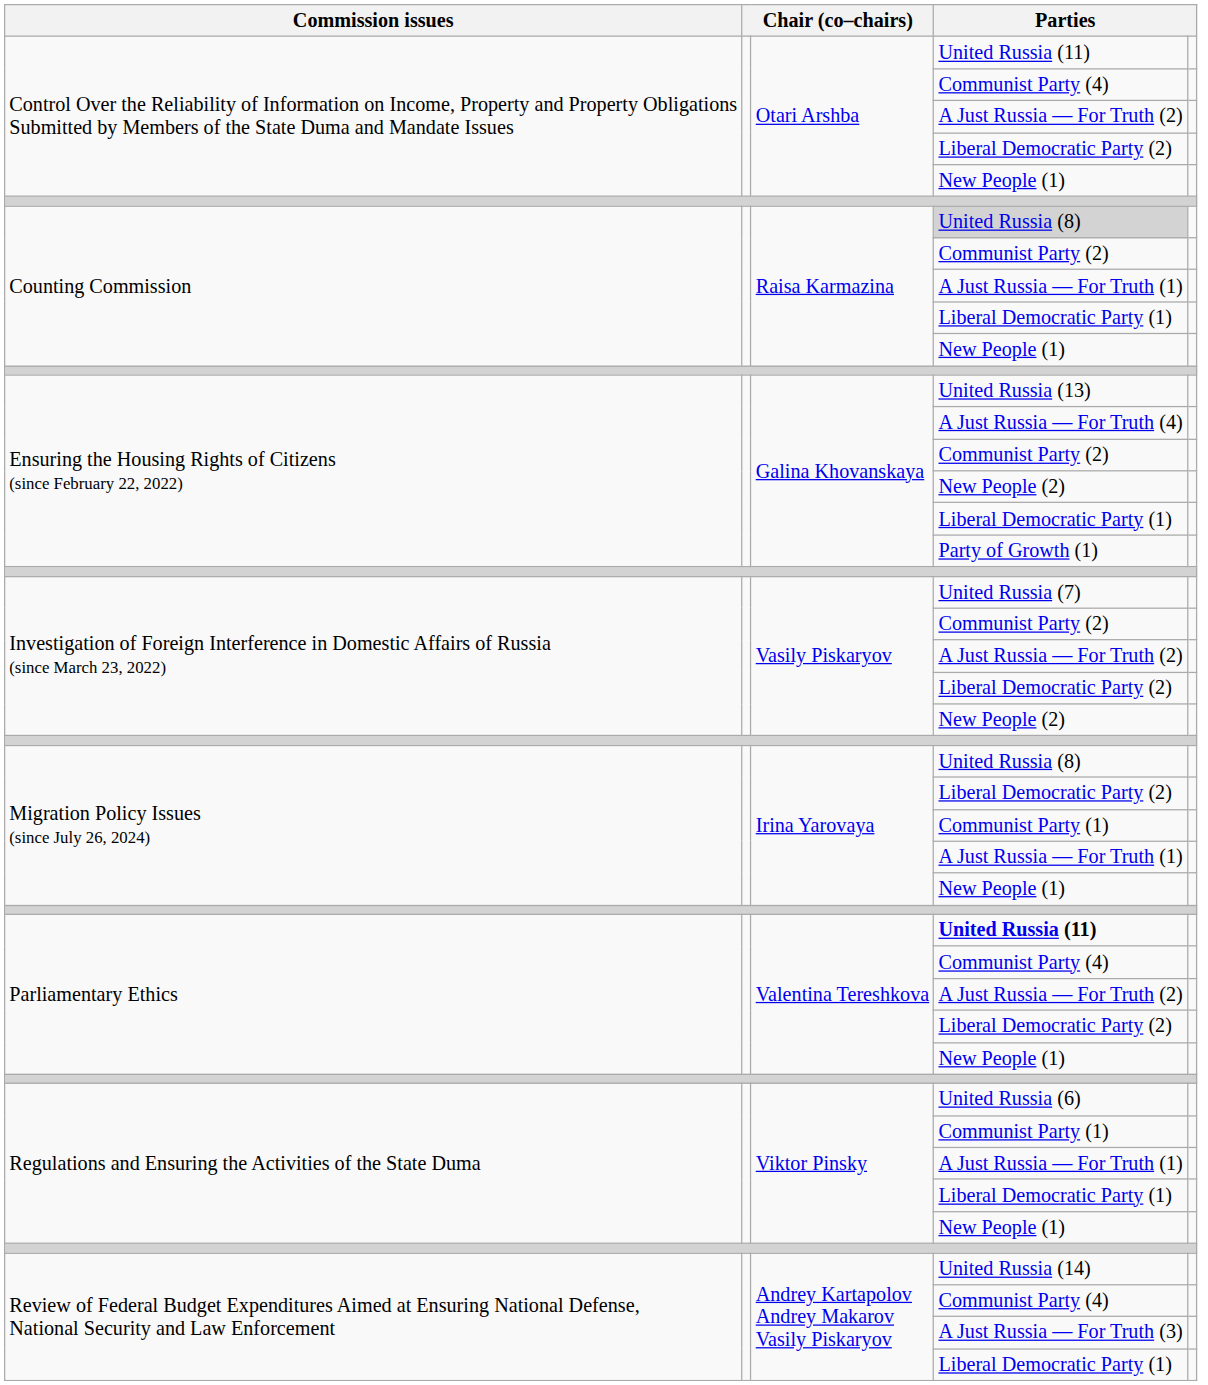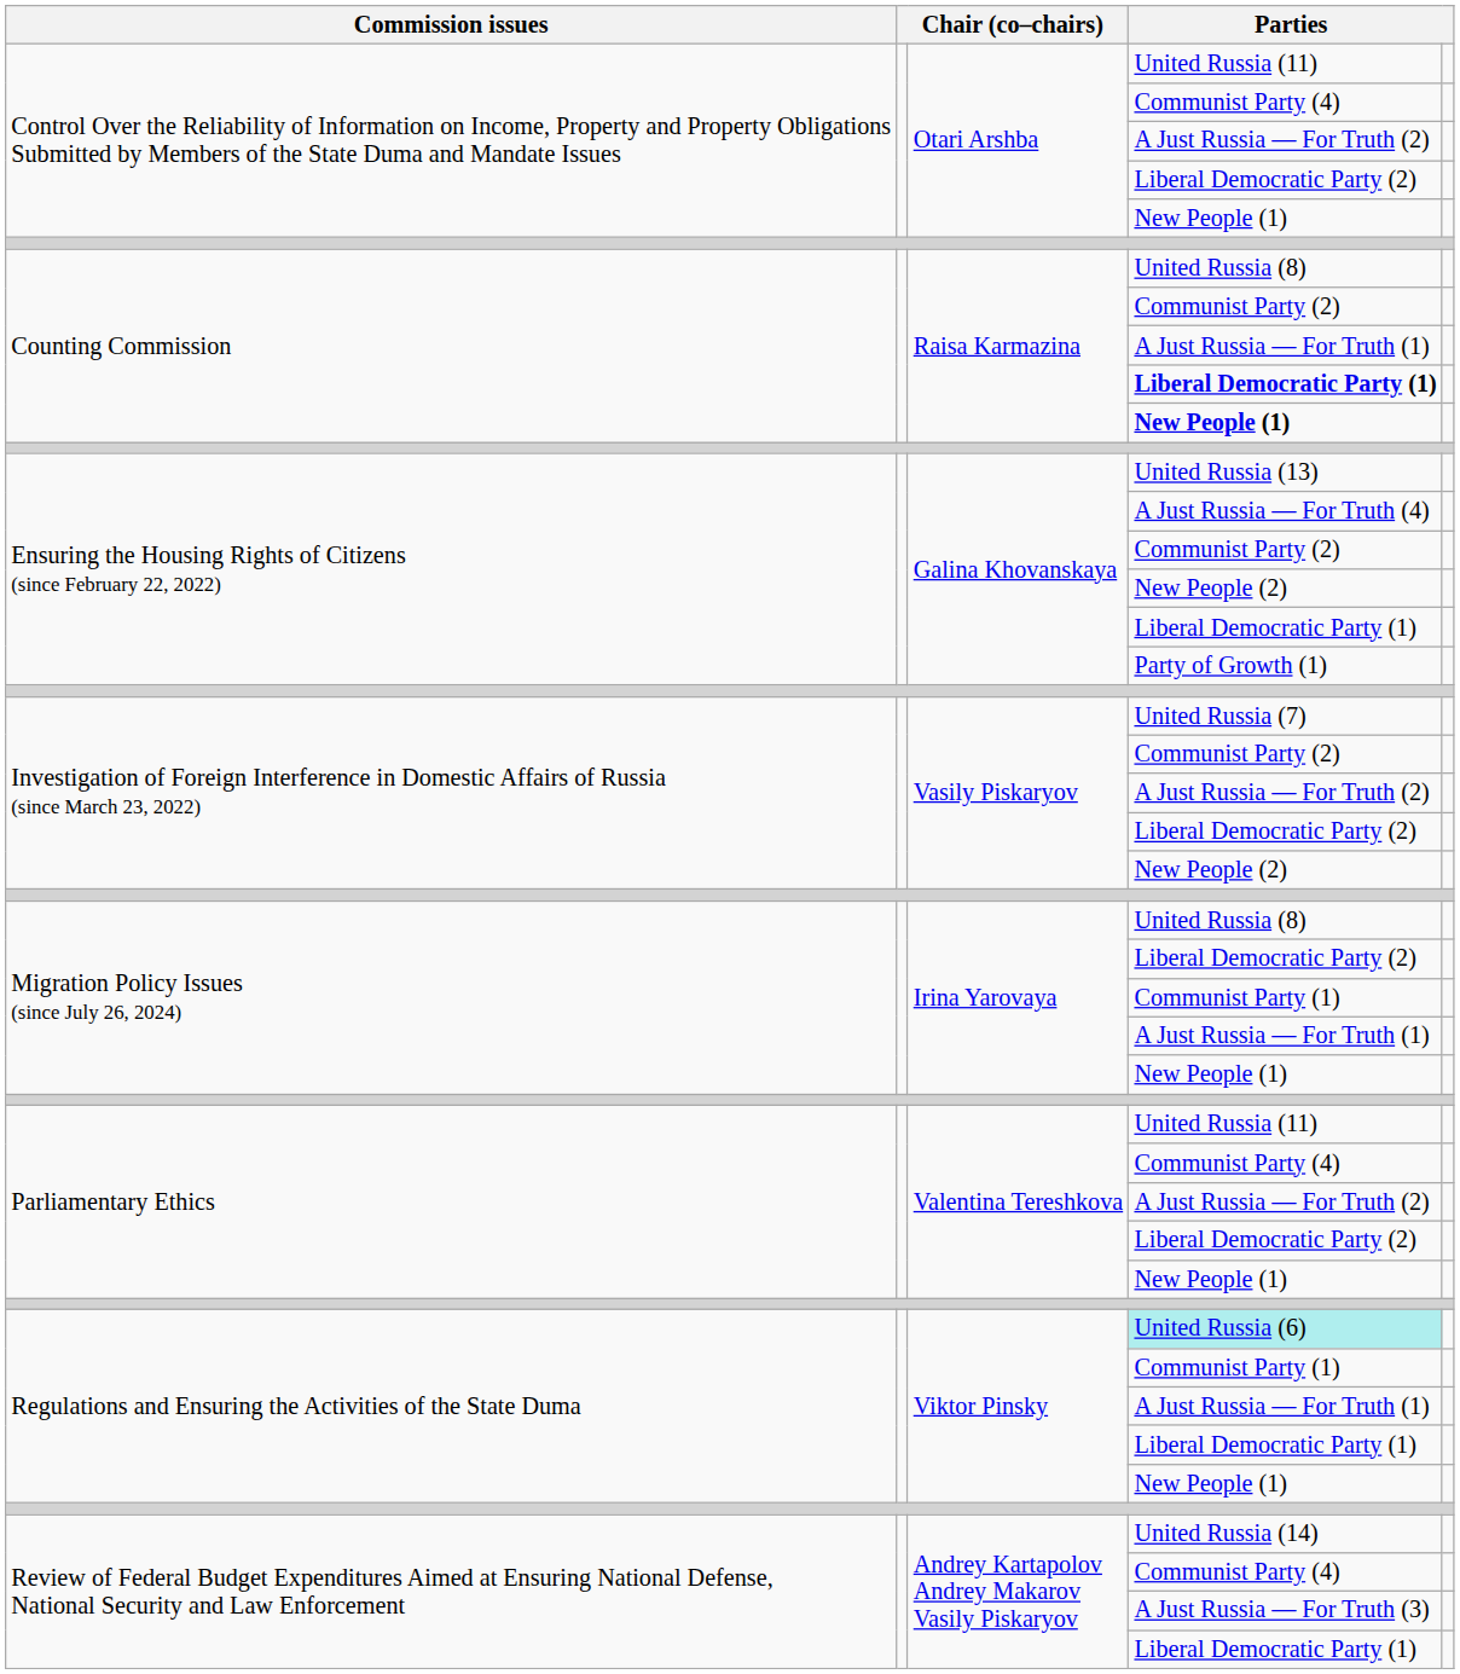 <table class="wikitable">
 <tr>
 <th>Commission issues</th>
 <th colspan=2>Chair (co–chairs)</th>
 <th colspan=2>Parties</th>
 </tr>
 <tr>
 <td rowspan=5>Control Over the Reliability of Information on Income, Property and Property Obligations<br>Submitted by Members of the State Duma and Mandate Issues</td>
 <td rowspan=5 style="background-color:"></td>
 <td rowspan=5><a href='#'>Otari Arshba</a></td>
 <td><a href='#'>United Russia</a> (11)</td>
 <td style="background-color:"></td>
 </tr>
 <tr>
 <td><a href='#'>Communist Party</a> (4)</td>
 <td style="background-color:"></td>
 </tr>
 <tr>
 <td><a href='#'>A Just Russia — For Truth</a> (2)</td>
 <td style="background-color:"></td>
 </tr>
 <tr>
 <td><a href='#'>Liberal Democratic Party</a> (2)</td>
 <td style="background-color:"></td>
 </tr>
 <tr>
 <td><a href='#'>New People</a> (1)</td>
 <td style="background-color:"></td>
 </tr>
 <tr>
 <td colspan=5; bgcolor="lightgrey"></td>
 </tr>
 <tr>
 <td rowspan=5>Counting Commission</td>
 <td rowspan=5 style="background-color:"></td>
 <td rowspan=5><a href='#'>Raisa Karmazina</a></td>
-<td style="background: lightgrey;"><a href='#'>United Russia</a> (8)</td>
+<td><a href='#'>United Russia</a> (8)</td>
 <td style="background-color:"></td>
 </tr>
 <tr>
 <td><a href='#'>Communist Party</a> (2)</td>
 <td style="background-color:"></td>
 </tr>
 <tr>
 <td><a href='#'>A Just Russia — For Truth</a> (1)</td>
 <td style="background-color:"></td>
 </tr>
 <tr>
-<td><a href='#'>Liberal Democratic Party</a> (1)</td>
+<td><strong><a href='#'>Liberal Democratic Party</a> (1)</strong></td>
 <td style="background-color:"></td>
 </tr>
 <tr>
-<td><a href='#'>New People</a> (1)</td>
+<td><strong><a href='#'>New People</a> (1)</strong></td>
 <td style="background-color:"></td>
 </tr>
 <tr>
 <td colspan=5; bgcolor="lightgrey"></td>
 </tr>
 <tr>
 <td rowspan=6>Ensuring the Housing Rights of Citizens<br><small>(since February 22, 2022)</small></td>
 <td rowspan=6 style="background-color:"></td>
 <td rowspan=6><a href='#'>Galina Khovanskaya</a></td>
 <td><a href='#'>United Russia</a> (13)</td>
 <td style="background-color:"></td>
 </tr>
 <tr>
 <td><a href='#'>A Just Russia — For Truth</a> (4)</td>
 <td style="background-color:"></td>
 </tr>
 <tr>
 <td><a href='#'>Communist Party</a> (2)</td>
 <td style="background-color:"></td>
 </tr>
 <tr>
 <td><a href='#'>New People</a> (2)</td>
 <td style="background-color:"></td>
 </tr>
 <tr>
 <td><a href='#'>Liberal Democratic Party</a> (1)</td>
 <td style="background-color:"></td>
 </tr>
 <tr>
 <td><a href='#'>Party of Growth</a> (1)</td>
 <td style="background-color:"></td>
 </tr>
 <tr>
 <td colspan=5; bgcolor="lightgrey"></td>
 </tr>
 <tr>
 <td rowspan=5>Investigation of Foreign Interference in Domestic Affairs of Russia<br><small>(since March 23, 2022)</small></td>
 <td rowspan=5 style="background-color:"></td>
 <td rowspan=5><a href='#'>Vasily Piskaryov</a></td>
 <td><a href='#'>United Russia</a> (7)</td>
 <td style="background-color:"></td>
 </tr>
 <tr>
 <td><a href='#'>Communist Party</a> (2)</td>
 <td style="background-color:"></td>
 </tr>
 <tr>
 <td><a href='#'>A Just Russia — For Truth</a> (2)</td>
 <td style="background-color:"></td>
 </tr>
 <tr>
 <td><a href='#'>Liberal Democratic Party</a> (2)</td>
 <td style="background-color:"></td>
 </tr>
 <tr>
 <td><a href='#'>New People</a> (2)</td>
 <td style="background-color:"></td>
 </tr>
 <tr>
 <td colspan=5; bgcolor="lightgrey"></td>
 </tr>
 <tr>
 <td rowspan=5>Migration Policy Issues<br><small>(since July 26, 2024)</small></td>
 <td rowspan=5 style="background-color:"></td>
 <td rowspan=5><a href='#'>Irina Yarovaya</a></td>
 <td><a href='#'>United Russia</a> (8)</td>
 <td style="background-color:"></td>
 </tr>
 <tr>
 <td><a href='#'>Liberal Democratic Party</a> (2)</td>
 <td style="background-color:"></td>
 </tr>
 <tr>
 <td><a href='#'>Communist Party</a> (1)</td>
 <td style="background-color:"></td>
 </tr>
 <tr>
 <td><a href='#'>A Just Russia — For Truth</a> (1)</td>
 <td style="background-color:"></td>
 </tr>
 <tr>
 <td><a href='#'>New People</a> (1)</td>
 <td style="background-color:"></td>
 </tr>
 <tr>
 <td colspan=5; bgcolor="lightgrey"></td>
 </tr>
 <tr>
 <td rowspan=5>Parliamentary Ethics</td>
 <td rowspan=5 style="background-color:"></td>
 <td rowspan=5><a href='#'>Valentina Tereshkova</a></td>
-<td><strong><a href='#'>United Russia</a> (11)</strong></td>
+<td><a href='#'>United Russia</a> (11)</td>
 <td style="background-color:"></td>
 </tr>
 <tr>
 <td><a href='#'>Communist Party</a> (4)</td>
 <td style="background-color:"></td>
 </tr>
 <tr>
 <td><a href='#'>A Just Russia — For Truth</a> (2)</td>
 <td style="background-color:"></td>
 </tr>
 <tr>
 <td><a href='#'>Liberal Democratic Party</a> (2)</td>
 <td style="background-color:"></td>
 </tr>
 <tr>
 <td><a href='#'>New People</a> (1)</td>
 <td style="background-color:"></td>
 </tr>
 <tr>
 <td colspan=5; bgcolor="lightgrey"></td>
 </tr>
 <tr>
 <td rowspan=5>Regulations and Ensuring the Activities of the State Duma</td>
 <td rowspan=5 style="background-color:"></td>
 <td rowspan=5><a href='#'>Viktor Pinsky</a></td>
-<td><a href='#'>United Russia</a> (6)</td>
+<td style="background: paleturquoise;"><a href='#'>United Russia</a> (6)</td>
 <td style="background-color:"></td>
 </tr>
 <tr>
 <td><a href='#'>Communist Party</a> (1)</td>
 <td style="background-color:"></td>
 </tr>
 <tr>
 <td><a href='#'>A Just Russia — For Truth</a> (1)</td>
 <td style="background-color:"></td>
 </tr>
 <tr>
 <td><a href='#'>Liberal Democratic Party</a> (1)</td>
 <td style="background-color:"></td>
 </tr>
 <tr>
 <td><a href='#'>New People</a> (1)</td>
 <td style="background-color:"></td>
 </tr>
 <tr>
 <td colspan=5; bgcolor="lightgrey"></td>
 </tr>
 <tr>
 <td rowspan=4>Review of Federal Budget Expenditures Aimed at Ensuring National Defense,<br>National Security and Law Enforcement</td>
 <td rowspan=4 style="background-color:"></td>
 <td rowspan=4><a href='#'>Andrey Kartapolov</a><br><a href='#'>Andrey Makarov</a><br><a href='#'>Vasily Piskaryov</a></td>
 <td><a href='#'>United Russia</a> (14)</td>
 <td style="background-color:"></td>
 </tr>
 <tr>
 <td><a href='#'>Communist Party</a> (4)</td>
 <td style="background-color:"></td>
 </tr>
 <tr>
 <td><a href='#'>A Just Russia — For Truth</a> (3)</td>
 <td style="background-color:"></td>
 </tr>
 <tr>
 <td><a href='#'>Liberal Democratic Party</a> (1)</td>
 <td style="background-color:"></td>
 </tr>
 </table>
